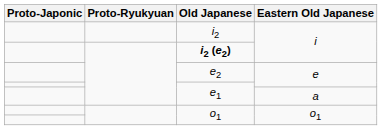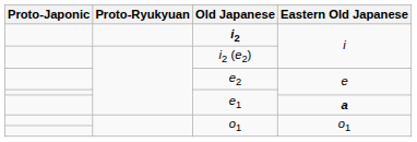 <table class="wikitable" style=text-align:center>
 <tr>
 <th>Proto-Japonic</th>
 <th>Proto-Ryukyuan</th>
 <th>Old Japanese</th>
 <th>Eastern Old Japanese</th>
 </tr>
 <tr>
 <td></td>
 <td></td>
-<td><em>i</em><sub>2</sub></td>
+<td><strong><em>i</em><sub>2</sub></strong></td>
 <td rowspan="2"><em>i</em></td>
 </tr>
 <tr>
 <td></td>
 <td rowspan="4"></td>
-<td><strong><em>i</em><sub>2</sub> (<em>e</em><sub>2</sub>)</strong></td>
+<td><em>i</em><sub>2</sub> (<em>e</em><sub>2</sub>)</td>
 </tr>
 <tr>
 <td></td>
 <td><em>e</em><sub>2</sub></td>
 <td rowspan="2"><em>e</em></td>
 </tr>
 <tr>
 <td></td>
 <td rowspan="2"><em>e</em><sub>1</sub></td>
 </tr>
 <tr>
 <td></td>
-<td><em>a</em></td>
+<td><strong><em>a</em></strong></td>
 </tr>
 <tr>
 <td></td>
 <td rowspan="2"></td>
 <td rowspan="2"><em>o</em><sub>1</sub></td>
 <td rowspan="2"><em>o</em><sub>1</sub></td>
 </tr>
 <tr>
 <td></td>
 </tr>
 </table>
